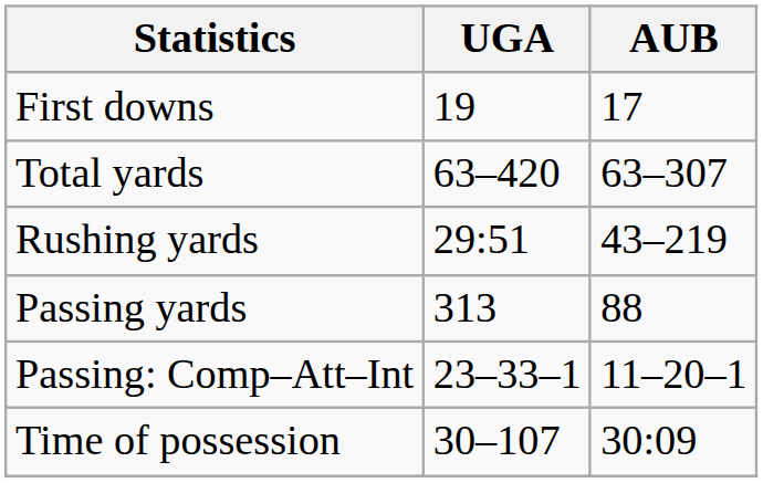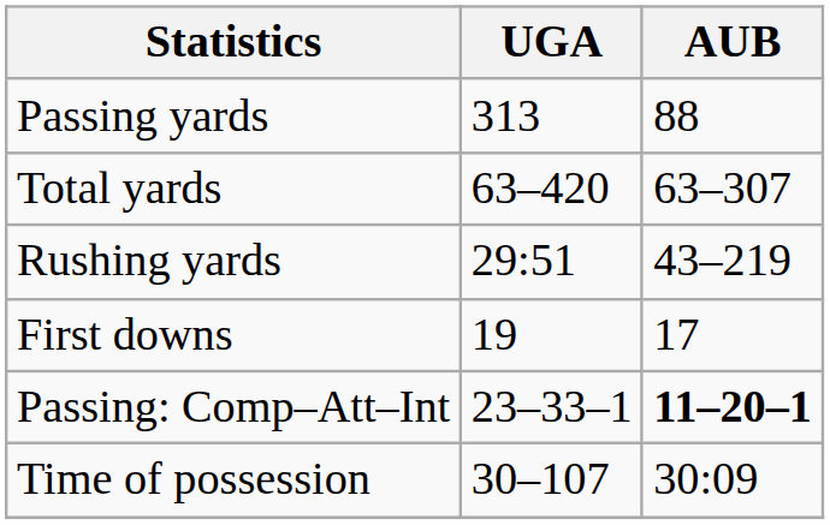 <table class="wikitable" style="float: left;">
 <tr>
 <th>Statistics</th>
 <th>UGA</th>
 <th>AUB</th>
 </tr>
 <tr>
-<td>First downs</td>
-<td>19</td>
-<td>17</td>
+<td>Passing yards</td>
+<td>313</td>
+<td>88</td>
 </tr>
 <tr>
 <td>Total yards</td>
 <td>63–420</td>
 <td>63–307</td>
 </tr>
 <tr>
 <td>Rushing yards</td>
 <td>29:51</td>
 <td>43–219</td>
 </tr>
 <tr>
-<td>Passing yards</td>
-<td>313</td>
-<td>88</td>
+<td>First downs</td>
+<td>19</td>
+<td>17</td>
 </tr>
 <tr>
 <td>Passing: Comp–Att–Int</td>
 <td>23–33–1</td>
-<td>11–20–1</td>
+<td><strong>11–20–1</strong></td>
 </tr>
 <tr>
 <td>Time of possession</td>
 <td>30–107</td>
 <td>30:09</td>
 </tr>
 <tr>
 </tr>
 </table>
